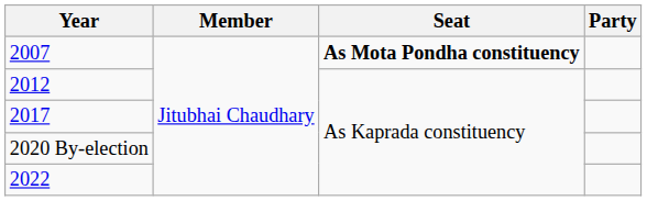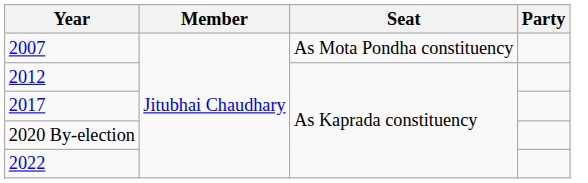 <table class="wikitable sortable">
 <tr>
 <th>Year</th>
 <th>Member</th>
 <th>Seat</th>
 <th colspan="2">Party</th>
 </tr>
 <tr>
 <td><a href='#'>2007</a></td>
 <td rowspan="5"><a href='#'>Jitubhai Chaudhary</a></td>
-<td><strong>As Mota Pondha constituency</strong></td>
+<td>As Mota Pondha constituency</td>
 <td></td>
 </tr>
 <tr>
 <td><a href='#'>2012</a></td>
 <td rowspan="4">As Kaprada constituency</td>
 <td></td>
 </tr>
 <tr>
 <td><a href='#'>2017</a></td>
 <td></td>
 </tr>
 <tr>
 <td>2020 By-election</td>
 <td></td>
 </tr>
 <tr>
 <td><a href='#'>2022</a></td>
 </tr>
 </table>
